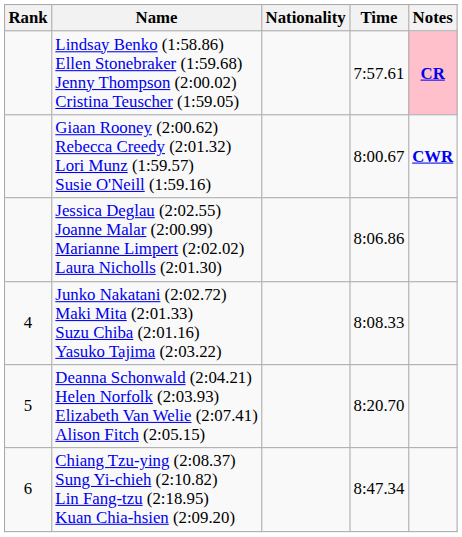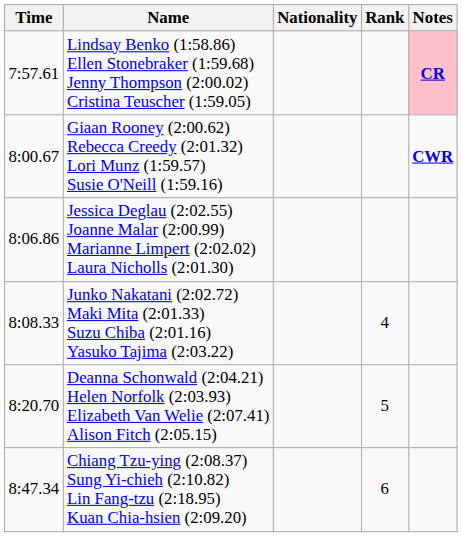 <table class="wikitable sortable" style="text-align:center">
 <tr>
-<th>Rank</th>
+<th>Time</th>
 <th>Name</th>
 <th>Nationality</th>
-<th>Time</th>
+<th>Rank</th>
 <th>Notes</th>
 </tr>
 <tr>
-<td></td>
+<td>7:57.61</td>
 <td align=left><a href='#'>Lindsay Benko</a> (1:58.86) <br> <a href='#'>Ellen Stonebraker</a> (1:59.68) <br> <a href='#'>Jenny Thompson</a> (2:00.02) <br> <a href='#'>Cristina Teuscher</a> (1:59.05)</td>
 <td align=left></td>
-<td>7:57.61</td>
+<td></td>
 <td style="background: pink;"><strong><a href='#'>CR</a></strong></td>
 </tr>
 <tr>
-<td></td>
+<td>8:00.67</td>
 <td align=left><a href='#'>Giaan Rooney</a> (2:00.62) <br> <a href='#'>Rebecca Creedy</a> (2:01.32) <br> <a href='#'>Lori Munz</a> (1:59.57) <br> <a href='#'>Susie O'Neill</a> (1:59.16)</td>
 <td align=left></td>
-<td>8:00.67</td>
+<td></td>
 <td><strong><a href='#'>CWR</a></strong></td>
 </tr>
 <tr>
-<td></td>
+<td>8:06.86</td>
 <td align=left><a href='#'>Jessica Deglau</a> (2:02.55) <br> <a href='#'>Joanne Malar</a> (2:00.99) <br> <a href='#'>Marianne Limpert</a> (2:02.02) <br> <a href='#'>Laura Nicholls</a> (2:01.30)</td>
 <td align=left></td>
-<td>8:06.86</td>
+<td></td>
 <td></td>
 </tr>
 <tr>
-<td>4</td>
+<td>8:08.33</td>
 <td align=left><a href='#'>Junko Nakatani</a> (2:02.72) <br> <a href='#'>Maki Mita</a> (2:01.33) <br> <a href='#'>Suzu Chiba</a> (2:01.16) <br> <a href='#'>Yasuko Tajima</a> (2:03.22)</td>
 <td align=left></td>
-<td>8:08.33</td>
+<td>4</td>
 <td></td>
 </tr>
 <tr>
-<td>5</td>
+<td>8:20.70</td>
 <td align=left><a href='#'>Deanna Schonwald</a> (2:04.21) <br> <a href='#'>Helen Norfolk</a> (2:03.93) <br> <a href='#'>Elizabeth Van Welie</a> (2:07.41) <br> <a href='#'>Alison Fitch</a> (2:05.15)</td>
 <td align=left></td>
-<td>8:20.70</td>
+<td>5</td>
 <td></td>
 </tr>
 <tr>
-<td>6</td>
+<td>8:47.34</td>
 <td align=left><a href='#'>Chiang Tzu-ying</a> (2:08.37) <br> <a href='#'>Sung Yi-chieh</a> (2:10.82) <br> <a href='#'>Lin Fang-tzu</a> (2:18.95) <br> <a href='#'>Kuan Chia-hsien</a> (2:09.20)</td>
 <td align=left></td>
-<td>8:47.34</td>
+<td>6</td>
 <td></td>
 </tr>
 </table>
